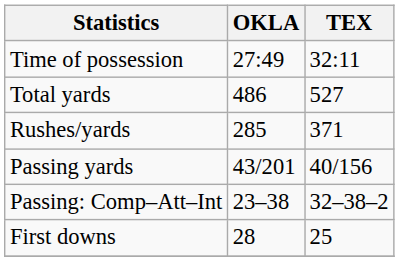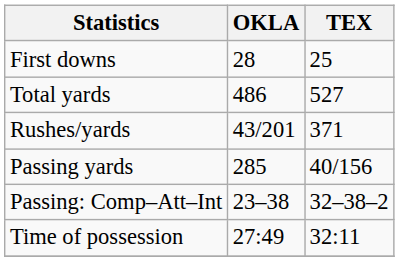 <table class="wikitable" style="float: left;">
 <tr>
 <th>Statistics</th>
 <th>OKLA</th>
 <th>TEX</th>
 </tr>
 <tr>
-<td>Time of possession</td>
-<td>27:49</td>
-<td>32:11</td>
+<td>First downs</td>
+<td>28</td>
+<td>25</td>
 </tr>
 <tr>
 <td>Total yards</td>
 <td>486</td>
 <td>527</td>
 </tr>
 <tr>
 <td>Rushes/yards</td>
-<td>285</td>
+<td>43/201</td>
 <td>371</td>
 </tr>
 <tr>
 <td>Passing yards</td>
-<td>43/201</td>
+<td>285</td>
 <td>40/156</td>
 </tr>
 <tr>
 <td>Passing: Comp–Att–Int</td>
 <td>23–38</td>
 <td>32–38–2</td>
 </tr>
 <tr>
-<td>First downs</td>
-<td>28</td>
-<td>25</td>
+<td>Time of possession</td>
+<td>27:49</td>
+<td>32:11</td>
 </tr>
 <tr>
 </tr>
 </table>
